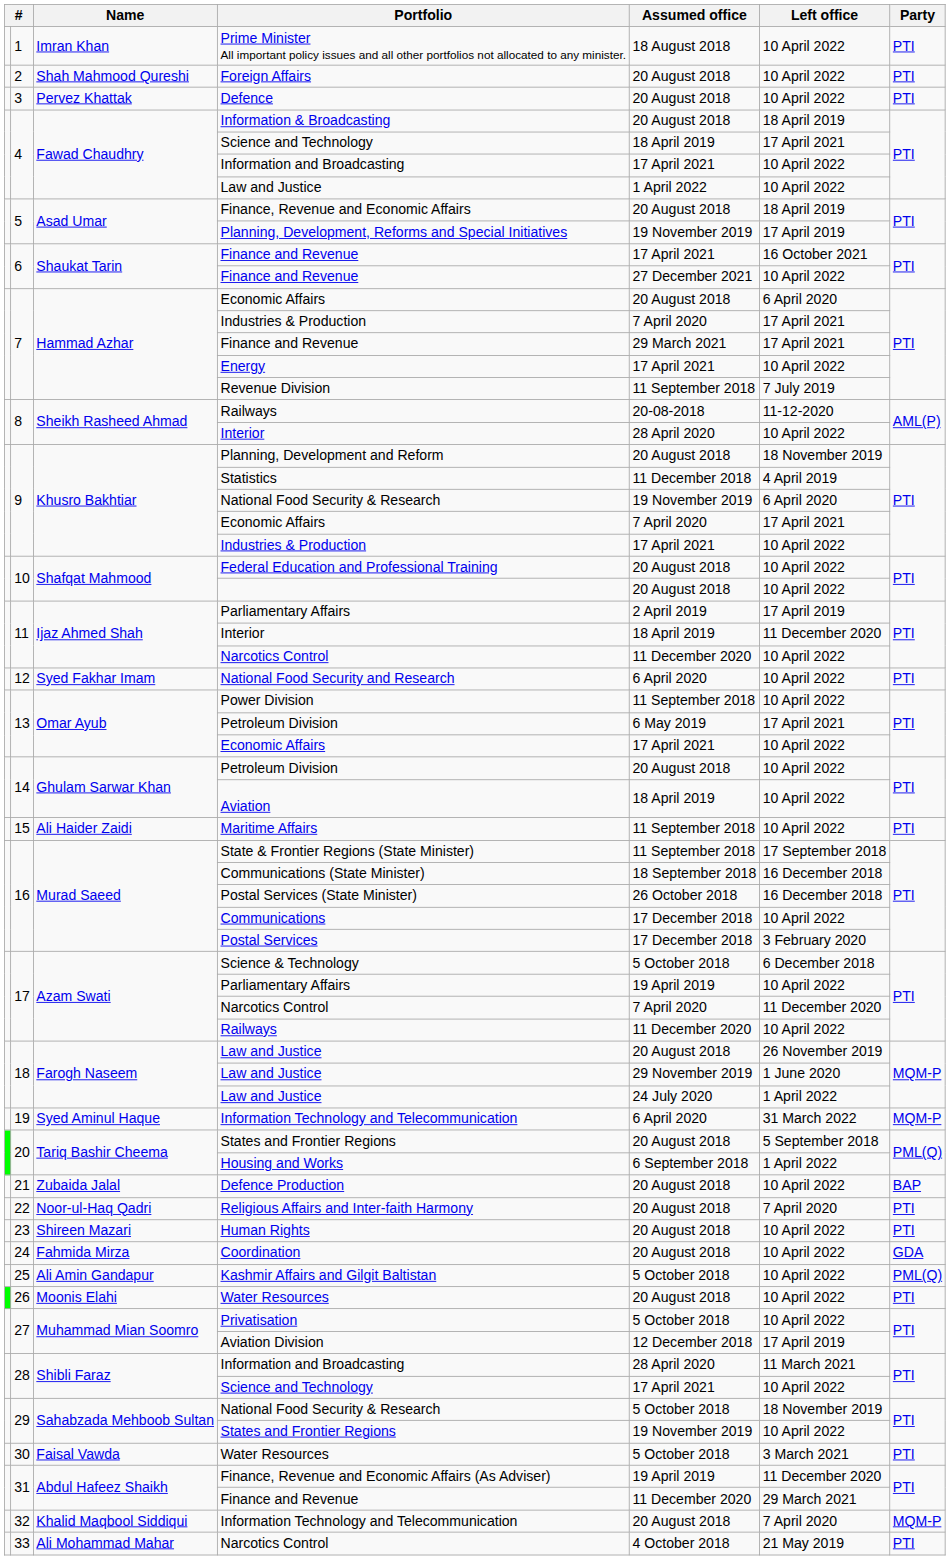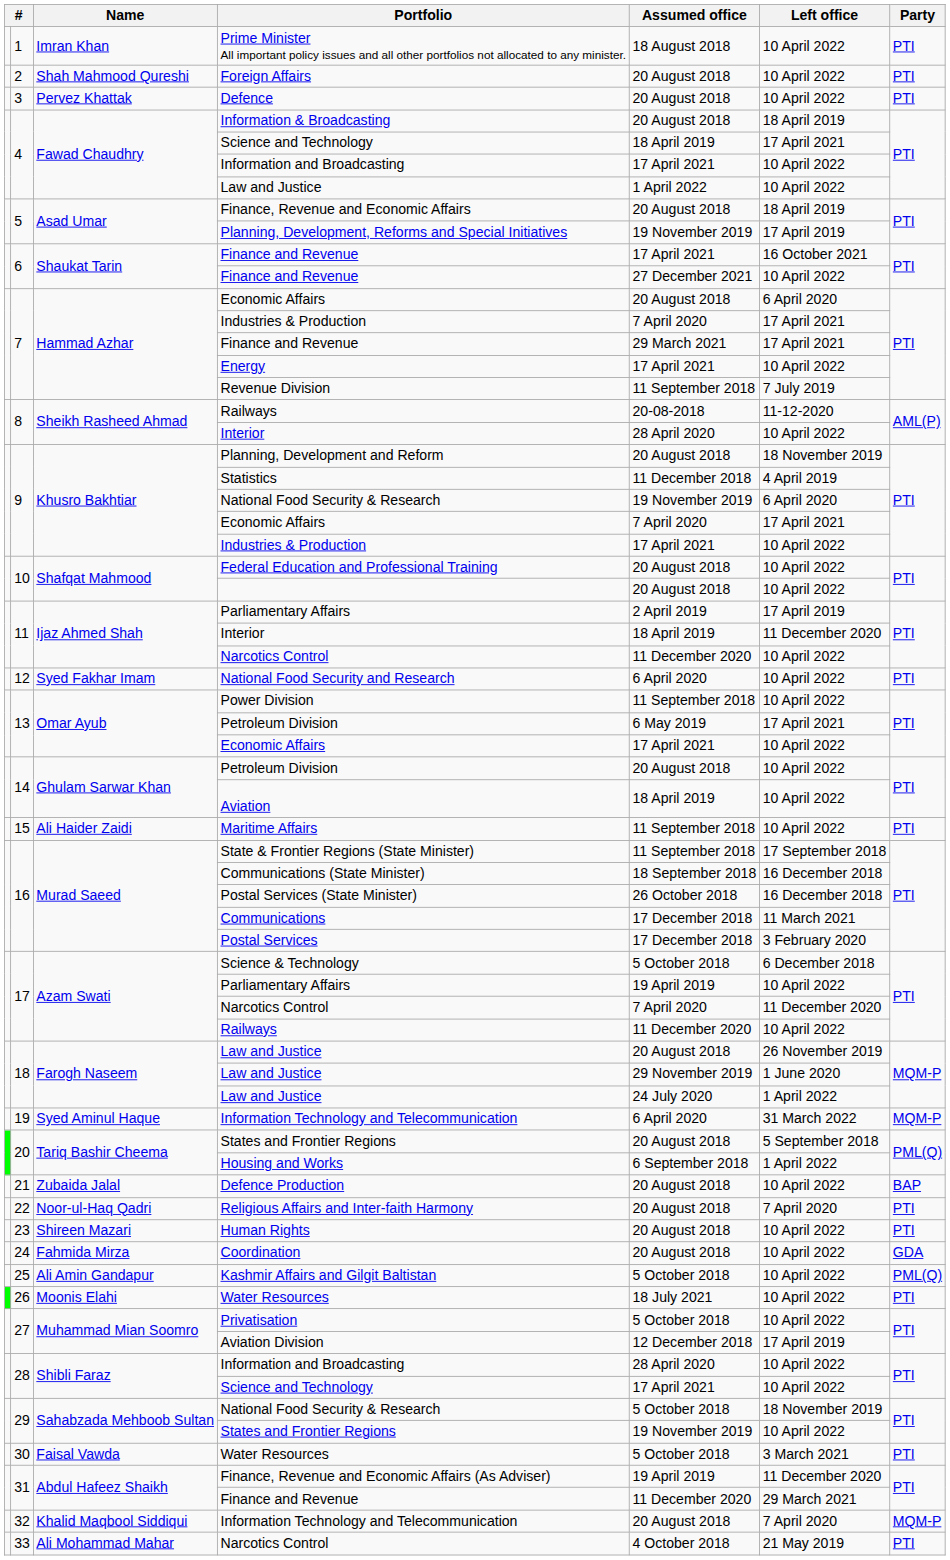 <table class="wikitable sortable">
 <tr>
 <th colspan="2">#</th>
 <th>Name</th>
 <th>Portfolio</th>
 <th>Assumed office</th>
 <th>Left office</th>
 <th>Party</th>
 </tr>
 <tr>
 <td align=center style="background-color: "></td>
 <td>1</td>
 <td><a href='#'>Imran Khan</a></td>
 <td style="text-align:left;"><a href='#'>Prime Minister</a><br><small>All important policy issues and all other portfolios not allocated to any minister.</small></td>
 <td style="text-align:left;">18 August 2018</td>
 <td>10 April 2022</td>
 <td><a href='#'>PTI</a></td>
 </tr>
 <tr>
 <td align=center style="background-color: "></td>
 <td>2</td>
 <td><a href='#'>Shah Mahmood Qureshi</a></td>
 <td style="text-align:left;"><a href='#'>Foreign Affairs</a></td>
 <td style="text-align:left;">20 August 2018</td>
 <td>10 April 2022</td>
 <td><a href='#'>PTI</a></td>
 </tr>
 <tr>
 <td align=center style="background-color: "></td>
 <td>3</td>
 <td><a href='#'>Pervez Khattak</a></td>
 <td style="text-align:left;"><a href='#'>Defence</a></td>
 <td style="text-align:left;">20 August 2018</td>
 <td>10 April 2022</td>
 <td><a href='#'>PTI</a></td>
 </tr>
 <tr>
 <td rowspan="4" align=center style="background-color: "></td>
 <td rowspan="4">4</td>
 <td rowspan="4"><a href='#'>Fawad Chaudhry</a></td>
 <td style="text-align:left;"><a href='#'>Information & Broadcasting</a></td>
 <td style="text-align:left;">20  August 2018</td>
 <td>18 April  2019</td>
 <td rowspan="4"><a href='#'>PTI</a></td>
 </tr>
 <tr>
 <td>Science and Technology</td>
 <td>18 April 2019</td>
 <td>17 April 2021</td>
 </tr>
 <tr>
 <td>Information and Broadcasting</td>
 <td>17 April 2021</td>
 <td>10 April 2022</td>
 </tr>
 <tr>
 <td>Law and Justice</td>
 <td>1 April 2022</td>
 <td>10 April 2022</td>
 </tr>
 <tr>
 <td rowspan="2" align=center style="background-color:"></td>
 <td rowspan="2">5</td>
 <td rowspan="2"><a href='#'>Asad Umar</a></td>
 <td>Finance, Revenue and Economic Affairs</td>
 <td>20 August 2018</td>
 <td>18 April 2019</td>
 <td rowspan="2"><a href='#'>PTI</a></td>
 </tr>
 <tr>
 <td><a href='#'>Planning, Development, Reforms and Special Initiatives</a></td>
 <td>19 November 2019</td>
 <td>17 April 2019</td>
 </tr>
 <tr>
 <td rowspan="2" align=center style="background-color:"></td>
 <td rowspan="2">6</td>
 <td rowspan="2"><a href='#'>Shaukat Tarin</a></td>
 <td><a href='#'>Finance and Revenue</a></td>
 <td>17 April 2021</td>
 <td>16 October 2021</td>
 <td rowspan="2"><a href='#'>PTI</a></td>
 </tr>
 <tr>
 <td><a href='#'>Finance and Revenue</a></td>
 <td>27 December 2021</td>
 <td>10 April 2022</td>
 </tr>
 <tr>
 <td rowspan="5" align=center style="background-color:"></td>
 <td rowspan="5">7</td>
 <td rowspan="5"><a href='#'>Hammad Azhar</a></td>
 <td style="text-align:left;">Economic Affairs</td>
 <td style="text-align:left;">20 August 2018</td>
 <td>6 April 2020</td>
 <td rowspan="5"><a href='#'>PTI</a></td>
 </tr>
 <tr>
 <td>Industries & Production</td>
 <td>7 April 2020</td>
 <td>17 April 2021</td>
 </tr>
 <tr>
 <td>Finance and Revenue</td>
 <td>29 March 2021</td>
 <td>17 April 2021</td>
 </tr>
 <tr>
 <td><a href='#'>Energy</a></td>
 <td>17 April 2021</td>
 <td>10 April 2022</td>
 </tr>
 <tr>
 <td>Revenue Division</td>
 <td>11 September 2018</td>
 <td>7 July 2019</td>
 </tr>
 <tr>
 <td rowspan="2" align=center style="background-color:"></td>
 <td rowspan="2">8</td>
 <td rowspan="2"><a href='#'>Sheikh Rasheed Ahmad</a></td>
 <td>Railways</td>
 <td style="text-align:left;">20-08-2018</td>
 <td>11-12-2020</td>
 <td rowspan="2"><a href='#'>AML(P)</a></td>
 </tr>
 <tr>
 <td><a href='#'>Interior</a></td>
 <td>28 April 2020</td>
 <td>10 April 2022</td>
 </tr>
 <tr>
 <td rowspan="5" align=center style="background-color:"></td>
 <td rowspan="5">9</td>
 <td rowspan="5"><a href='#'>Khusro Bakhtiar</a></td>
 <td>Planning, Development and Reform</td>
 <td>20 August 2018</td>
 <td>18 November 2019</td>
 <td rowspan="5"><a href='#'>PTI</a></td>
 </tr>
 <tr>
 <td>Statistics</td>
 <td>11 December 2018</td>
 <td>4 April 2019</td>
 </tr>
 <tr>
 <td>National Food Security & Research</td>
 <td>19 November 2019</td>
 <td>6 April 2020</td>
 </tr>
 <tr>
 <td>Economic Affairs</td>
 <td>7 April 2020</td>
 <td>17 April 2021</td>
 </tr>
 <tr>
 <td><a href='#'>Industries & Production</a></td>
 <td>17 April 2021</td>
 <td>10 April 2022</td>
 </tr>
 <tr>
 <td rowspan="2" align=center style="background-color:"></td>
 <td rowspan="2">10</td>
 <td rowspan="2"><a href='#'>Shafqat Mahmood</a></td>
 <td style="text-align:left;"><a href='#'>Federal Education and Professional Training</a></td>
 <td style="text-align:left;">20 August 2018</td>
 <td>10 April 2022</td>
 <td rowspan="2"><a href='#'>PTI</a></td>
 </tr>
 <tr>
 <td></td>
 <td>20 August 2018</td>
 <td>10 April 2022</td>
 </tr>
 <tr>
 <td rowspan="3" align=center style="background-color:"></td>
 <td rowspan="3">11</td>
 <td rowspan="3"><a href='#'>Ijaz Ahmed Shah</a></td>
 <td>Parliamentary Affairs</td>
 <td>2 April 2019</td>
 <td>17 April 2019</td>
 <td rowspan="3"><a href='#'>PTI</a></td>
 </tr>
 <tr>
 <td>Interior</td>
 <td>18 April 2019</td>
 <td>11 December 2020</td>
 </tr>
 <tr>
 <td><a href='#'>Narcotics Control</a></td>
 <td>11 December 2020</td>
 <td>10 April 2022</td>
 </tr>
 <tr>
 <td align=center style="background-color:"></td>
 <td>12</td>
 <td><a href='#'>Syed Fakhar Imam</a></td>
 <td><a href='#'>National Food Security and Research</a></td>
 <td>6 April 2020</td>
 <td>10 April 2022</td>
 <td><a href='#'>PTI</a></td>
 </tr>
 <tr>
 <td rowspan="3" align=center style="background-color:"></td>
 <td rowspan="3">13</td>
 <td rowspan="3"><a href='#'>Omar Ayub</a></td>
 <td>Power Division</td>
 <td>11 September 2018</td>
 <td>10 April 2022</td>
 <td rowspan="3"><a href='#'>PTI</a></td>
 </tr>
 <tr>
 <td>Petroleum Division</td>
 <td>6 May 2019</td>
 <td>17 April 2021</td>
 </tr>
 <tr>
 <td><a href='#'>Economic Affairs</a></td>
 <td>17 April 2021</td>
 <td>10 April 2022</td>
 </tr>
 <tr>
 <td rowspan="2" align=center style="background-color:"></td>
 <td rowspan="2">14</td>
 <td rowspan="2"><a href='#'>Ghulam Sarwar Khan</a></td>
 <td>Petroleum Division</td>
 <td>20 August 2018</td>
 <td>10 April 2022</td>
 <td rowspan="2"><a href='#'>PTI</a></td>
 </tr>
 <tr>
 <td style="text-align:left;"><br><a href='#'>Aviation</a></td>
 <td style="text-align:left;">18 April 2019</td>
 <td>10 April 2022</td>
 </tr>
 <tr>
 <td align=center style="background-color:"></td>
 <td>15</td>
 <td><a href='#'>Ali Haider Zaidi</a></td>
 <td style="text-align:left;"><a href='#'>Maritime Affairs</a></td>
 <td style="text-align:left;">11 September 2018</td>
 <td>10 April 2022</td>
 <td><a href='#'>PTI</a></td>
 </tr>
 <tr>
 <td rowspan="5" align=center style="background-color:"></td>
 <td rowspan="5">16</td>
 <td rowspan="5"><a href='#'>Murad Saeed</a></td>
 <td style="text-align:left;">State & Frontier Regions (State Minister)</td>
 <td style="text-align:left;">11 September 2018</td>
 <td>17 September 2018</td>
 <td rowspan="5"><a href='#'>PTI</a></td>
 </tr>
 <tr>
 <td>Communications (State Minister)</td>
 <td>18 September 2018</td>
 <td>16 December 2018</td>
 </tr>
 <tr>
 <td>Postal Services (State Minister)</td>
 <td>26 October 2018</td>
 <td>16 December 2018</td>
 </tr>
 <tr>
 <td><a href='#'>Communications</a></td>
 <td>17 December 2018</td>
-<td>10 April 2022</td>
+<td>11 March 2021</td>
 </tr>
 <tr>
 <td><a href='#'>Postal Services</a></td>
 <td>17 December 2018</td>
 <td>3 February 2020</td>
 </tr>
 <tr>
 <td rowspan="4" align=center style="background-color:"></td>
 <td rowspan="4">17</td>
 <td rowspan="4"><a href='#'>Azam Swati</a></td>
 <td>Science & Technology</td>
 <td>5 October 2018</td>
 <td>6 December 2018</td>
 <td rowspan="4"><a href='#'>PTI</a></td>
 </tr>
 <tr>
 <td>Parliamentary Affairs</td>
 <td>19 April 2019</td>
 <td>10 April 2022</td>
 </tr>
 <tr>
 <td>Narcotics Control</td>
 <td>7 April 2020</td>
 <td>11 December 2020</td>
 </tr>
 <tr>
 <td style="text-align:left;"><a href='#'>Railways</a></td>
 <td style="text-align:left;">11 December 2020</td>
 <td>10 April 2022</td>
 </tr>
 <tr>
 <td rowspan="3" align=center style="background-color:"></td>
 <td rowspan="3">18</td>
 <td rowspan="3"><a href='#'>Farogh Naseem</a></td>
 <td style="text-align:left;"><a href='#'>Law and Justice</a></td>
 <td style="text-align:left;">20 August 2018</td>
 <td>26 November 2019</td>
 <td rowspan="3"><a href='#'>MQM-P</a></td>
 </tr>
 <tr>
 <td><a href='#'>Law and Justice</a></td>
 <td>29 November 2019</td>
 <td>1 June 2020</td>
 </tr>
 <tr>
 <td><a href='#'>Law and Justice</a></td>
 <td>24 July 2020</td>
 <td>1 April 2022</td>
 </tr>
 <tr>
 <td align=center style="background-color:"></td>
 <td>19</td>
 <td><a href='#'>Syed Aminul Haque</a></td>
 <td style="text-align:left;"><a href='#'>Information Technology and Telecommunication</a></td>
 <td style="text-align:left;">6 April 2020</td>
 <td>31 March 2022</td>
 <td><a href='#'>MQM-P</a></td>
 </tr>
 <tr>
 <td rowspan="2" align=center style="background-color:Lime"></td>
 <td rowspan="2">20</td>
 <td rowspan="2"><a href='#'>Tariq Bashir Cheema</a></td>
 <td>States and Frontier Regions</td>
 <td>20 August 2018</td>
 <td>5 September 2018</td>
 <td rowspan="2"><a href='#'>PML(Q)</a></td>
 </tr>
 <tr>
 <td style="text-align:left;"><a href='#'>Housing and Works</a></td>
 <td style="text-align:left;">6 September 2018</td>
 <td>1 April 2022</td>
 </tr>
 <tr>
 <td align=center style="background-color:"></td>
 <td>21</td>
 <td><a href='#'>Zubaida Jalal</a></td>
 <td style="text-align:left;"><a href='#'>Defence Production</a></td>
 <td style="text-align:left;">20 August 2018</td>
 <td>10 April 2022</td>
 <td><a href='#'>BAP</a></td>
 </tr>
 <tr>
 <td align=center style="background-color:"></td>
 <td>22</td>
 <td><a href='#'>Noor-ul-Haq Qadri</a></td>
 <td style="text-align:left;"><a href='#'>Religious Affairs and Inter-faith Harmony</a></td>
 <td style="text-align:left;">20 August 2018</td>
 <td>7 April 2020</td>
 <td><a href='#'>PTI</a></td>
 </tr>
 <tr>
 <td align=center style="background-color:"></td>
 <td>23</td>
 <td><a href='#'>Shireen Mazari</a></td>
 <td style="text-align:left;"><a href='#'>Human Rights</a></td>
 <td style="text-align:left;">20 August 2018</td>
 <td>10 April 2022</td>
 <td><a href='#'>PTI</a></td>
 </tr>
 <tr>
 <td align=center style="background-color:"></td>
 <td>24</td>
 <td><a href='#'>Fahmida Mirza</a></td>
 <td><a href='#'>Coordination</a></td>
 <td>20 August 2018</td>
 <td>10 April 2022</td>
 <td><a href='#'>GDA</a></td>
 </tr>
 <tr>
 <td align=center style="background-color:"></td>
 <td>25</td>
 <td><a href='#'>Ali Amin Gandapur</a></td>
 <td><a href='#'>Kashmir Affairs and Gilgit Baltistan</a></td>
 <td>5 October 2018</td>
 <td>10 April 2022</td>
 <td><a href='#'>PML(Q)</a></td>
 </tr>
 <tr>
 <td align=center style="background-color:Lime"></td>
 <td>26</td>
 <td><a href='#'>Moonis Elahi</a></td>
 <td><a href='#'>Water Resources</a></td>
-<td>20 August 2018</td>
+<td>18 July 2021</td>
 <td>10 April 2022</td>
 <td><a href='#'>PTI</a></td>
 </tr>
 <tr>
 <td rowspan="2" align=center style="background-color:"></td>
 <td rowspan="2">27</td>
 <td rowspan="2"><a href='#'>Muhammad Mian Soomro</a></td>
 <td><a href='#'>Privatisation</a></td>
 <td>5 October 2018</td>
 <td>10 April 2022</td>
 <td rowspan="2"><a href='#'>PTI</a></td>
 </tr>
 <tr>
 <td>Aviation Division</td>
 <td>12 December 2018</td>
 <td>17 April 2019</td>
 </tr>
 <tr>
 <td rowspan="2" align=center style="background-color:"></td>
 <td rowspan="2">28</td>
 <td rowspan="2"><a href='#'>Shibli Faraz</a></td>
 <td>Information and Broadcasting</td>
 <td>28 April 2020</td>
-<td>11 March 2021</td>
+<td>10 April 2022</td>
 <td rowspan="2"><a href='#'>PTI</a></td>
 </tr>
 <tr>
 <td><a href='#'>Science and Technology</a></td>
 <td>17 April 2021</td>
 <td>10 April 2022</td>
 </tr>
 <tr>
 <td rowspan="2" align=center style="background-color:"></td>
 <td rowspan="2">29</td>
 <td rowspan="2"><a href='#'>Sahabzada Mehboob Sultan</a></td>
 <td>National Food Security & Research</td>
 <td>5 October 2018</td>
 <td>18 November 2019</td>
 <td rowspan="2"><a href='#'>PTI</a></td>
 </tr>
 <tr>
 <td><a href='#'>States and Frontier Regions</a></td>
 <td>19 November 2019</td>
 <td>10 April 2022</td>
 </tr>
 <tr>
 <td align=center style="background-color:"></td>
 <td>30</td>
 <td><a href='#'>Faisal Vawda</a></td>
 <td>Water Resources</td>
 <td>5 October 2018</td>
 <td>3 March 2021</td>
 <td><a href='#'>PTI</a></td>
 </tr>
 <tr>
 <td rowspan="2" align=center style="background-color:"></td>
 <td rowspan="2">31</td>
 <td rowspan="2"><a href='#'>Abdul Hafeez Shaikh</a></td>
 <td>Finance, Revenue and Economic Affairs (As Adviser)</td>
 <td>19 April 2019</td>
 <td>11 December 2020</td>
 <td rowspan="2"><a href='#'>PTI</a></td>
 </tr>
 <tr>
 <td>Finance and Revenue</td>
 <td>11 December 2020</td>
 <td>29 March 2021</td>
 </tr>
 <tr>
 <td align=center style="background-color:"></td>
 <td>32</td>
 <td><a href='#'>Khalid Maqbool Siddiqui</a></td>
 <td>Information Technology and Telecommunication</td>
 <td>20 August 2018</td>
 <td>7 April 2020</td>
 <td><a href='#'>MQM-P</a></td>
 </tr>
 <tr>
 <td align=center style="background-color:"></td>
 <td>33</td>
 <td><a href='#'>Ali Mohammad Mahar</a></td>
 <td>Narcotics Control</td>
 <td>4 October 2018</td>
 <td>21 May 2019</td>
 <td><a href='#'>PTI</a></td>
 </tr>
 </table>
